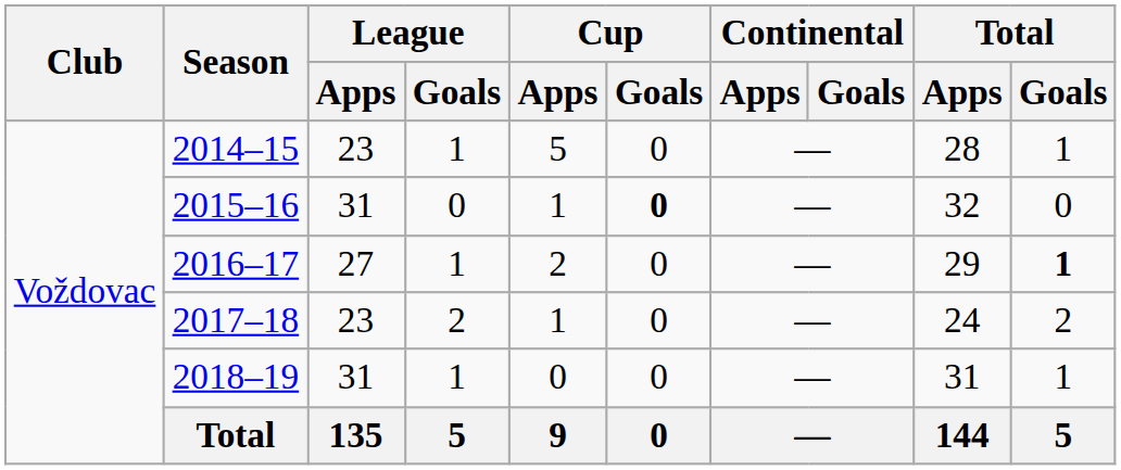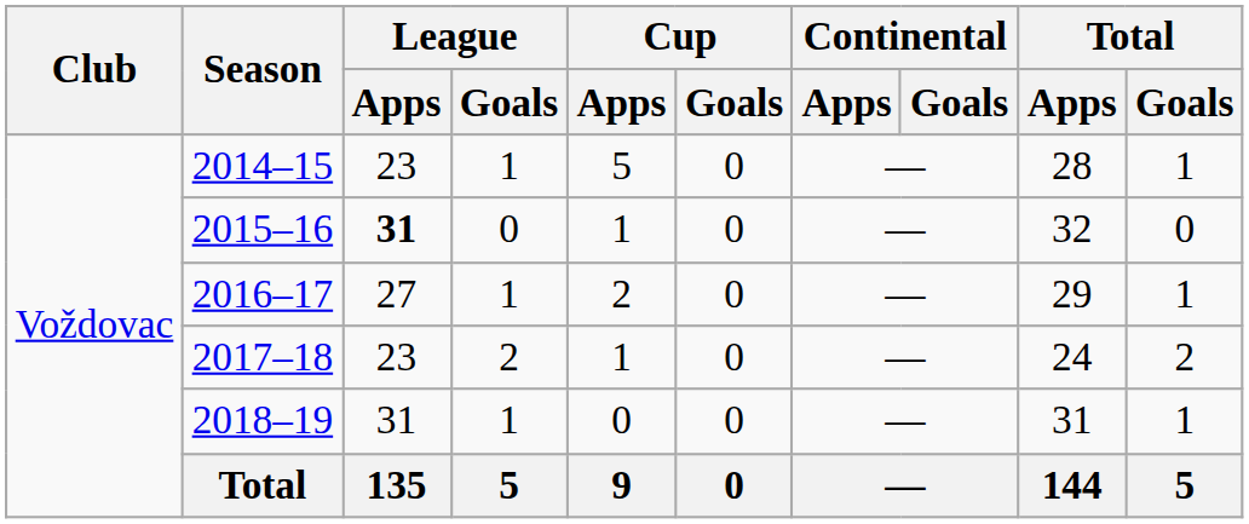 <table class="wikitable" style="text-align:center">
 <tr>
 <th rowspan="2">Club</th>
 <th rowspan="2">Season</th>
 <th colspan="2">League</th>
 <th colspan="2">Cup</th>
 <th colspan="2">Continental</th>
 <th colspan="2">Total</th>
 </tr>
 <tr>
 <th>Apps</th>
 <th>Goals</th>
 <th>Apps</th>
 <th>Goals</th>
 <th>Apps</th>
 <th>Goals</th>
 <th>Apps</th>
 <th>Goals</th>
 </tr>
 <tr>
 <td rowspan="6"><a href='#'>Voždovac</a></td>
 <td><a href='#'>2014–15</a></td>
 <td>23</td>
 <td>1</td>
 <td>5</td>
 <td>0</td>
 <td colspan="2">—</td>
 <td>28</td>
 <td>1</td>
 </tr>
 <tr>
 <td><a href='#'>2015–16</a></td>
-<td>31</td>
+<td><strong>31</strong></td>
 <td>0</td>
 <td>1</td>
-<td><strong>0</strong></td>
+<td>0</td>
 <td colspan="2">—</td>
 <td>32</td>
 <td>0</td>
 </tr>
 <tr>
 <td><a href='#'>2016–17</a></td>
 <td>27</td>
 <td>1</td>
 <td>2</td>
 <td>0</td>
 <td colspan="2">—</td>
 <td>29</td>
-<td><strong>1</strong></td>
+<td>1</td>
 </tr>
 <tr>
 <td><a href='#'>2017–18</a></td>
 <td>23</td>
 <td>2</td>
 <td>1</td>
 <td>0</td>
 <td colspan="2">—</td>
 <td>24</td>
 <td>2</td>
 </tr>
 <tr>
 <td><a href='#'>2018–19</a></td>
 <td>31</td>
 <td>1</td>
 <td>0</td>
 <td>0</td>
 <td colspan="2">—</td>
 <td>31</td>
 <td>1</td>
 </tr>
 <tr>
 <th>Total</th>
 <th>135</th>
 <th>5</th>
 <th>9</th>
 <th>0</th>
 <th colspan="2">—</th>
 <th>144</th>
 <th>5</th>
 </tr>
 </table>
